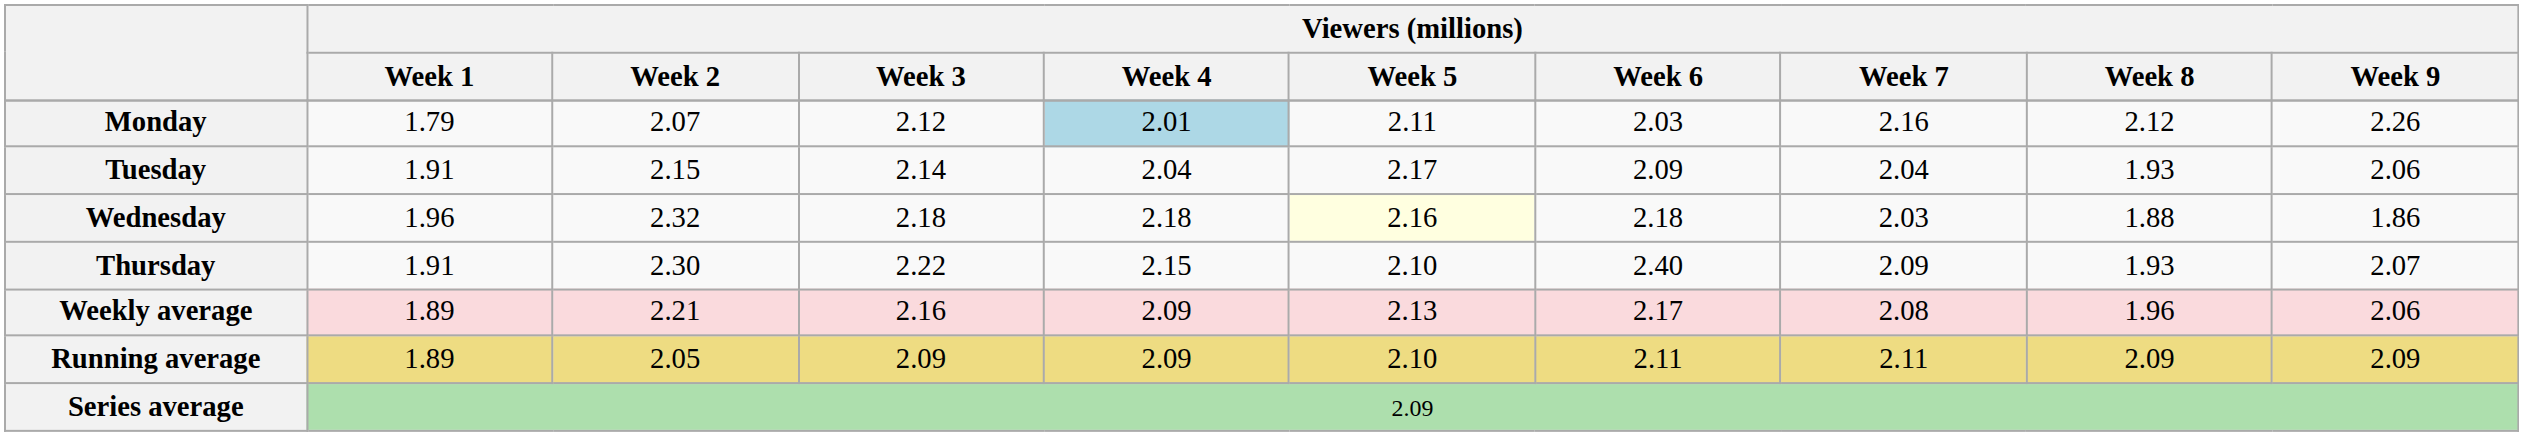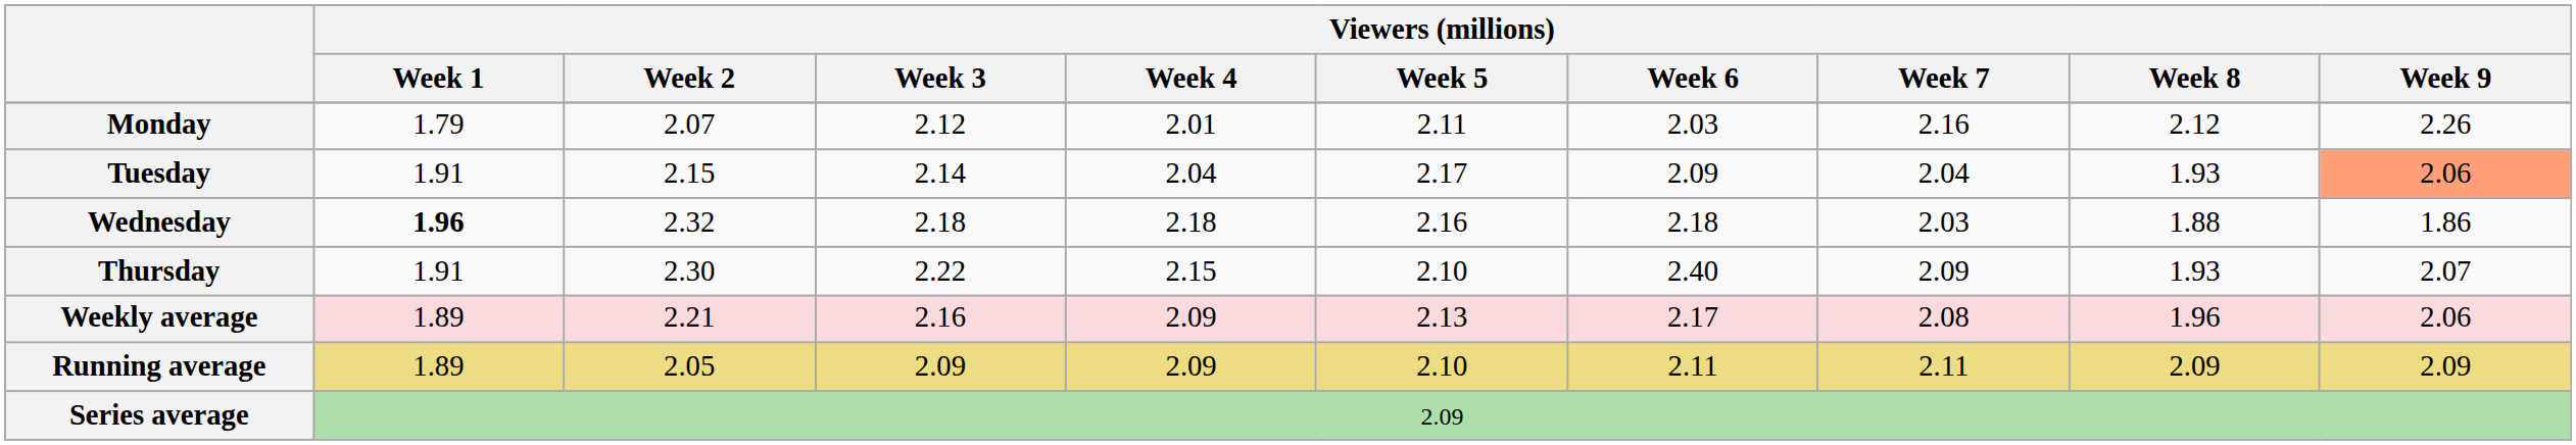 <table class="wikitable" style="font-size:90%; text-align:center; width: 100%; margin-left: auto; margin-right: auto;">
 <tr>
 <th scope="col" rowspan="2" style="width:12%;"></th>
 <th scope=col colspan=9>Viewers (millions)</th>
 </tr>
 <tr>
 <th>Week 1</th>
 <th>Week 2</th>
 <th>Week 3</th>
 <th>Week 4</th>
 <th>Week 5</th>
 <th>Week 6</th>
 <th>Week 7</th>
 <th>Week 8</th>
 <th>Week 9</th>
 </tr>
 <tr>
 </tr>
 <tr>
 <th>Monday</th>
 <td>1.79</td>
 <td>2.07</td>
 <td>2.12</td>
-<td style="background: lightblue;">2.01</td>
+<td>2.01</td>
 <td>2.11</td>
 <td>2.03</td>
 <td>2.16</td>
 <td>2.12</td>
 <td>2.26</td>
 </tr>
 <tr>
 <th>Tuesday</th>
 <td>1.91</td>
 <td>2.15</td>
 <td>2.14</td>
 <td>2.04</td>
 <td>2.17</td>
 <td>2.09</td>
 <td>2.04</td>
 <td>1.93</td>
-<td>2.06</td>
+<td style="background: lightsalmon;">2.06</td>
 </tr>
 <tr>
 <th>Wednesday</th>
-<td>1.96</td>
+<td><strong>1.96</strong></td>
 <td>2.32</td>
 <td>2.18</td>
 <td>2.18</td>
-<td style="background: lightyellow;">2.16</td>
+<td>2.16</td>
 <td>2.18</td>
 <td>2.03</td>
 <td>1.88</td>
 <td>1.86</td>
 </tr>
 <tr>
 <th>Thursday</th>
 <td>1.91</td>
 <td>2.30</td>
 <td>2.22</td>
 <td>2.15</td>
 <td>2.10</td>
 <td>2.40</td>
 <td>2.09</td>
 <td>1.93</td>
 <td>2.07</td>
 </tr>
 <tr>
 <th>Weekly average</th>
 <td style="background:#FADADD;">1.89</td>
 <td style="background:#FADADD;">2.21</td>
 <td style="background:#FADADD;">2.16</td>
 <td style="background:#FADADD;">2.09</td>
 <td style="background:#FADADD;">2.13</td>
 <td style="background:#FADADD;">2.17</td>
 <td style="background:#FADADD;">2.08</td>
 <td style="background:#FADADD;">1.96</td>
 <td style="background:#FADADD;">2.06</td>
 </tr>
 <tr>
 <th>Running average</th>
 <td style="background:#EEDC82;">1.89</td>
 <td style="background:#EEDC82;">2.05</td>
 <td style="background:#EEDC82;">2.09</td>
 <td style="background:#EEDC82;">2.09</td>
 <td style="background:#EEDC82;">2.10</td>
 <td style="background:#EEDC82;">2.11</td>
 <td style="background:#EEDC82;">2.11</td>
 <td style="background:#EEDC82;">2.09</td>
 <td style="background:#EEDC82;">2.09</td>
 </tr>
 <tr>
 <th>Series average</th>
 <td colspan="9" style="background:#ADDFAD;"><small>2.09</small></td>
 </tr>
 </table>
